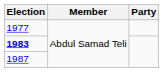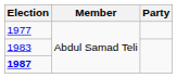 <table class="wikitable sortable">
 <tr>
 <th>Election</th>
 <th>Member</th>
 <th colspan=2>Party</th>
 </tr>
 <tr>
 <td><a href='#'>1977</a></td>
 <td rowspan=3>Abdul Samad Teli</td>
 <td></td>
 </tr>
 <tr>
-<td><strong><a href='#'>1983</a></strong></td>
+<td><a href='#'>1983</a></td>
 </tr>
 <tr>
-<td><a href='#'>1987</a></td>
+<td><strong><a href='#'>1987</a></strong></td>
 </tr>
 </table>
